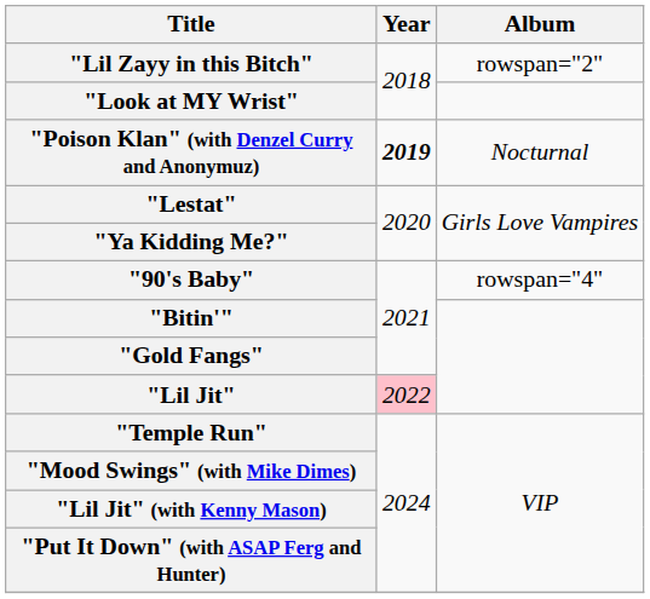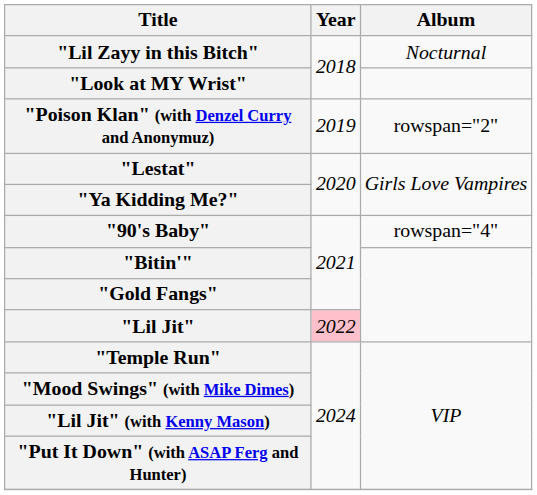 <table class="wikitable plainrowheaders" style="text-align:center;">
 <tr>
 <th scope="col" style="width:15em;">Title</th>
 <th scope="col">Year</th>
 <th scope="col">Album</th>
 </tr>
 <tr>
 <th scope="row">"Lil Zayy in this Bitch"</th>
 <td rowspan="2"><em>2018</em></td>
-<td>rowspan="2" </td>
+<td rowspan="1"><em>Nocturnal</em></td>
 </tr>
 <tr>
 <th scope="row">"Look at MY Wrist"</th>
 </tr>
 <tr>
 <th scope="row">"Poison Klan" <small>(with <a href='#'>Denzel Curry</a> and Anonymuz)</small></th>
-<td rowspan="1"><strong><em>2019</em></strong></td>
-<td rowspan="1"><em>Nocturnal</em></td>
+<td rowspan="1"><em>2019</em></td>
+<td>rowspan="2" </td>
 </tr>
 <tr>
 <th scope="row">"Lestat"</th>
 <td rowspan="2"><em>2020</em></td>
 <td rowspan="2"><em>Girls Love Vampires</em></td>
 </tr>
 <tr>
 <th scope="row">"Ya Kidding Me?"</th>
 </tr>
 <tr>
 <th scope="row">"90's Baby"</th>
 <td rowspan="3"><em>2021</em></td>
 <td>rowspan="4" </td>
 </tr>
 <tr>
 <th scope="row">"Bitin'"</th>
 </tr>
 <tr>
 <th scope="row">"Gold Fangs"</th>
 </tr>
 <tr>
 <th scope="row">"Lil Jit"</th>
 <td rowspan"1" style="background: pink;"><em>2022</em></td>
 </tr>
 <tr>
 <th scope="row">"Temple Run"</th>
 <td rowspan="4"><em>2024</em></td>
 <td rowspan="4"><em>VIP</em></td>
 </tr>
 <tr>
 <th scope="row">"Mood Swings" <small>(with <a href='#'>Mike Dimes</a>)</small></th>
 </tr>
 <tr>
 <th scope="row">"Lil Jit" <small>(with <a href='#'>Kenny Mason</a>)</small></th>
 </tr>
 <tr>
 <th scope="row">"Put It Down" <small>(with <a href='#'>ASAP Ferg</a> and Hunter)</small></th>
 </tr>
 <tr>
 </tr>
 </table>
